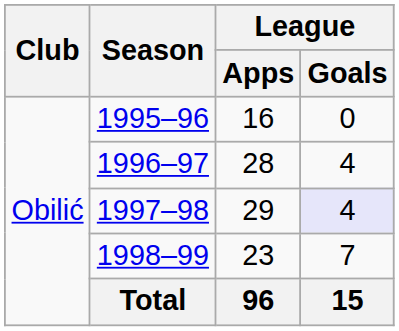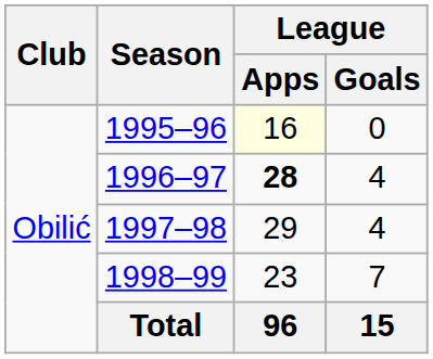 <table class="wikitable" style="text-align:center">
 <tr>
 <th rowspan="2">Club</th>
 <th rowspan="2">Season</th>
 <th colspan="2">League</th>
 </tr>
 <tr>
 <th>Apps</th>
 <th>Goals</th>
 </tr>
 <tr>
 <td rowspan="5"><a href='#'>Obilić</a></td>
 <td><a href='#'>1995–96</a></td>
-<td>16</td>
+<td style="background: lightyellow;">16</td>
 <td>0</td>
 </tr>
 <tr>
 <td><a href='#'>1996–97</a></td>
-<td>28</td>
+<td><strong>28</strong></td>
 <td>4</td>
 </tr>
 <tr>
 <td><a href='#'>1997–98</a></td>
 <td>29</td>
-<td style="background: lavender;">4</td>
+<td>4</td>
 </tr>
 <tr>
 <td><a href='#'>1998–99</a></td>
 <td>23</td>
 <td>7</td>
 </tr>
 <tr>
 <th>Total</th>
 <th>96</th>
 <th>15</th>
 </tr>
 </table>
